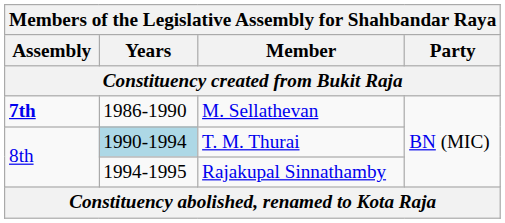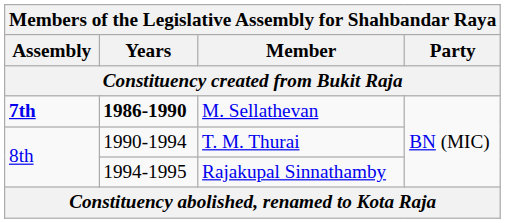 <table class=wikitable>
 <tr>
 <th colspan=4>Members of the Legislative Assembly for Shahbandar Raya</th>
 </tr>
 <tr>
 <th>Assembly</th>
 <th>Years</th>
 <th>Member</th>
 <th>Party</th>
 </tr>
 <tr>
 <th colspan=4 align=center><em>Constituency created from Bukit Raja</em></th>
 </tr>
 <tr>
 <td><strong><a href='#'>7th</a></strong></td>
-<td>1986-1990</td>
+<td><strong>1986-1990</strong></td>
 <td><a href='#'>M. Sellathevan</a></td>
 <td rowspan=3><a href='#'>BN</a> (MIC)</td>
 </tr>
 <tr>
 <td rowspan=2><a href='#'>8th</a></td>
-<td style="background: lightblue;">1990-1994</td>
+<td>1990-1994</td>
 <td><a href='#'>T. M. Thurai</a></td>
 </tr>
 <tr>
 <td>1994-1995</td>
 <td><a href='#'>Rajakupal Sinnathamby</a></td>
 </tr>
 <tr>
 <th colspan=4 align=center><em>Constituency abolished, renamed to Kota Raja</em></th>
 </tr>
 </table>
